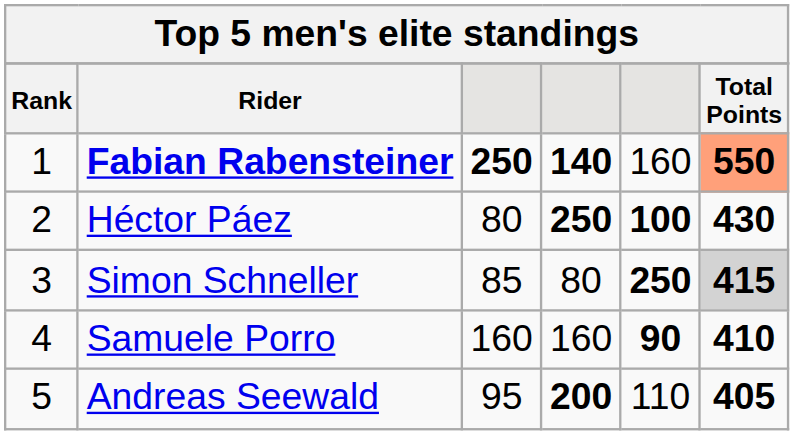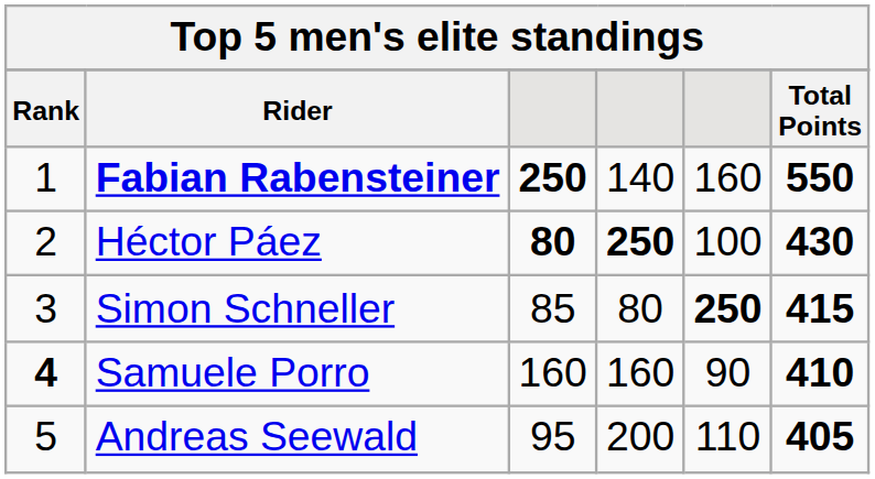 <table class="wikitable sortable">
 <tr>
 <th colspan=6 align="center"><strong>Top 5 men's elite standings</strong></th>
 </tr>
 <tr>
 </tr>
 <tr style="font-size:8pt;font-weight:bold">
 <th align="center">Rank</th>
 <th align="center">Rider</th>
 <th class=unsortable style="background:#E5E4E2;"><small></small></th>
 <th class=unsortable style="background:#E5E4E2;"><small></small></th>
 <th class=unsortable style="background:#E5E4E2;"><small></small></th>
 <th align="center">Total<br>Points</th>
 </tr>
 <tr>
 <td align=center>1</td>
 <td> <strong><a href='#'>Fabian Rabensteiner</a></strong></td>
 <td align=center><strong>250</strong></td>
-<td align=center><strong>140</strong></td>
+<td align=center>140</td>
 <td align=center>160</td>
-<td align=center style="background: lightsalmon;"><strong>550</strong></td>
+<td align=center><strong>550</strong></td>
 </tr>
 <tr>
 <td align=center>2</td>
 <td> <a href='#'>Héctor Páez</a></td>
-<td align=center>80</td>
+<td align=center><strong>80</strong></td>
 <td align=center><strong>250</strong></td>
-<td align=center><strong>100</strong></td>
+<td align=center>100</td>
 <td align=center><strong>430</strong></td>
 </tr>
 <tr>
 <td align=center>3</td>
 <td> <a href='#'>Simon Schneller</a></td>
 <td align=center>85</td>
 <td align=center>80</td>
 <td align=center><strong>250</strong></td>
-<td align=center style="background: lightgrey;"><strong>415</strong></td>
+<td align=center><strong>415</strong></td>
 </tr>
 <tr>
-<td align=center>4</td>
+<td align=center><strong>4</strong></td>
 <td> <a href='#'>Samuele Porro</a></td>
 <td align=center>160</td>
 <td align=center>160</td>
-<td align=center><strong>90</strong></td>
+<td align=center>90</td>
 <td align=center><strong>410</strong></td>
 </tr>
 <tr>
 <td align=center>5</td>
 <td> <a href='#'>Andreas Seewald</a></td>
 <td align=center>95</td>
-<td align=center><strong>200</strong></td>
+<td align=center>200</td>
 <td align=center>110</td>
 <td align=center><strong>405</strong><br></td>
 </tr>
 </table>
